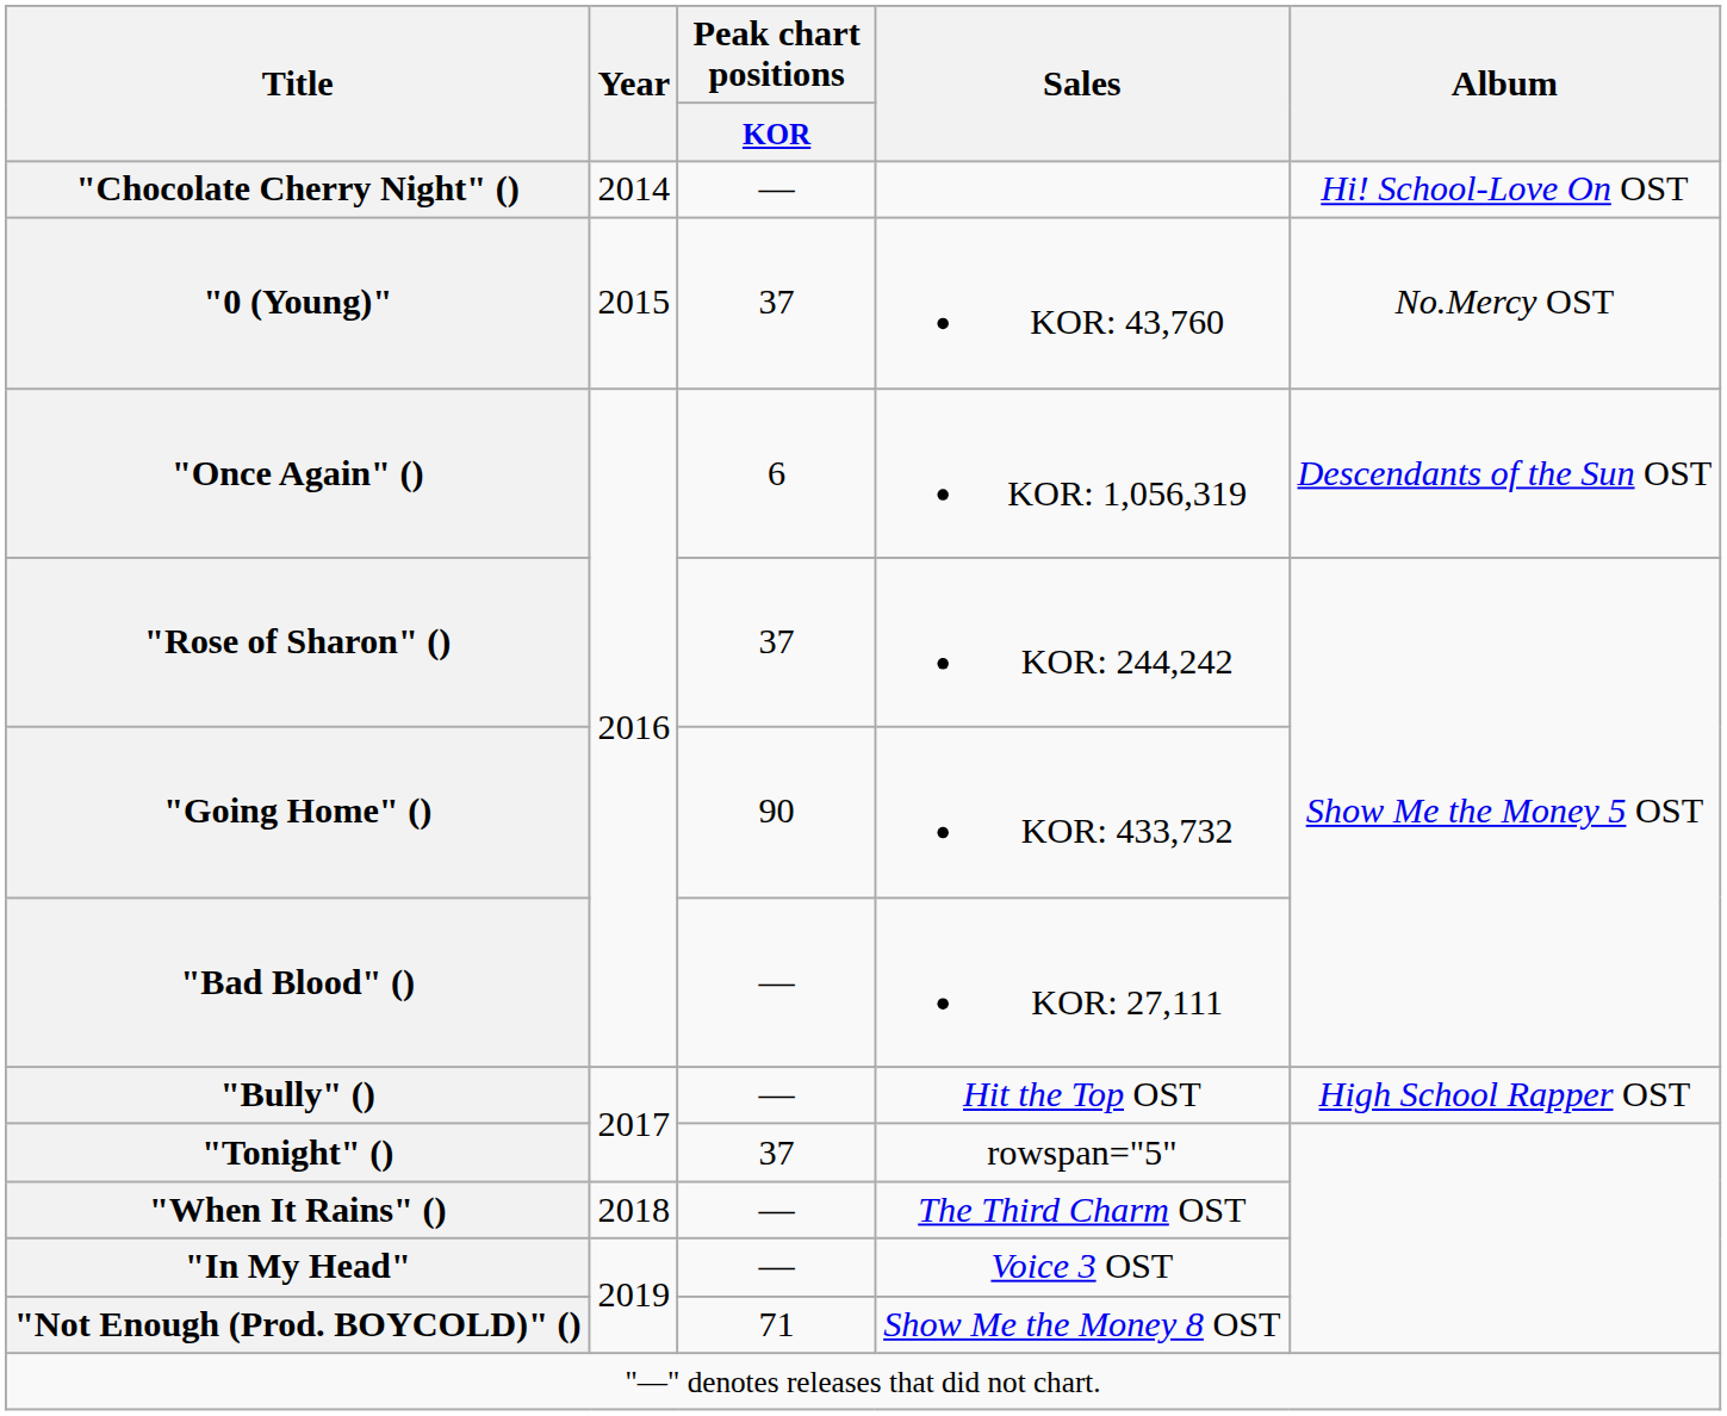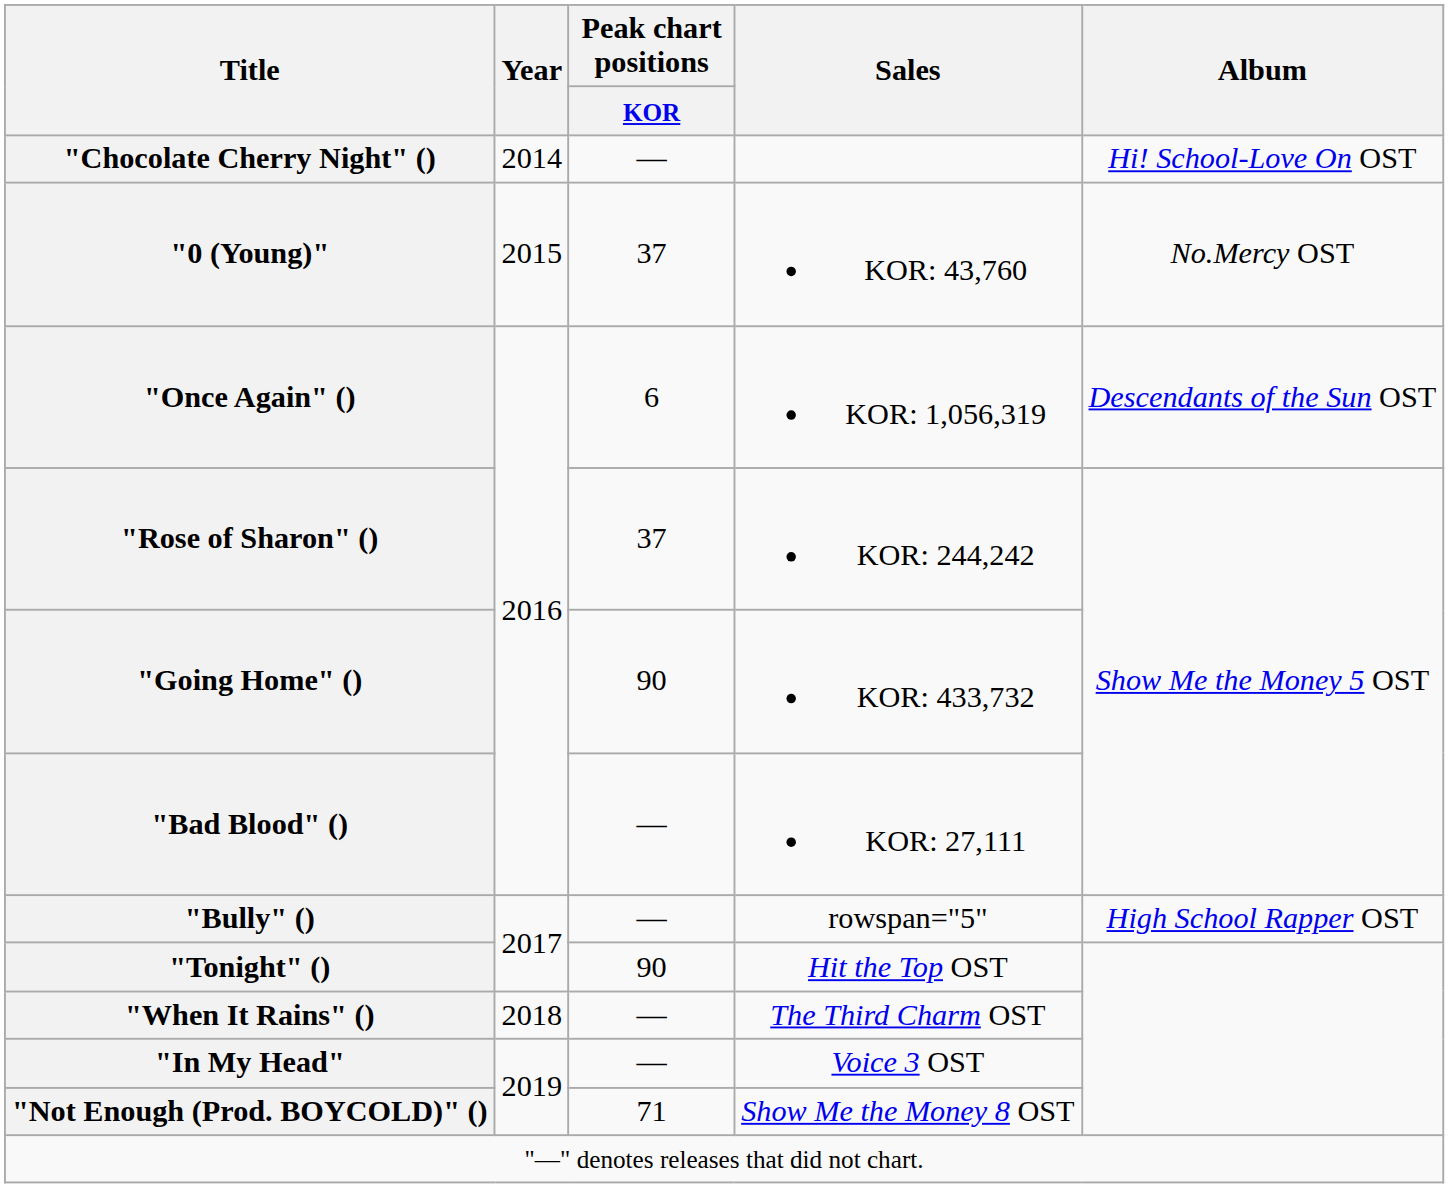 <table class="wikitable plainrowheaders" style="text-align:center">
 <tr>
 <th scope="col" rowspan="2">Title</th>
 <th scope="col" rowspan="2">Year</th>
 <th scope="col" colspan="1" style="width:5em;">Peak chart positions</th>
 <th scope="col" rowspan="2">Sales</th>
 <th scope="col" rowspan="2">Album</th>
 </tr>
 <tr>
 <th><small><a href='#'>KOR</a></small><br></th>
 </tr>
 <tr>
 <th scope="row">"Chocolate Cherry Night" ()<br></th>
 <td>2014</td>
 <td>—</td>
 <td></td>
 <td><em><a href='#'>Hi! School-Love On</a></em> OST</td>
 </tr>
 <tr>
 <th scope="row">"0 (Young)"<br></th>
 <td>2015</td>
 <td>37</td>
 <td><br><ul><li>KOR: 43,760</li></ul></td>
 <td><em>No.Mercy</em> OST</td>
 </tr>
 <tr>
 <th scope="row">"Once Again" ()<br></th>
 <td rowspan="4">2016</td>
 <td>6</td>
 <td><br><ul><li>KOR: 1,056,319</li></ul></td>
 <td><em><a href='#'>Descendants of the Sun</a></em> OST</td>
 </tr>
 <tr>
 <th scope="row">"Rose of Sharon" ()<br></th>
 <td>37</td>
 <td><br><ul><li>KOR: 244,242</li></ul></td>
 <td rowspan="3"><em><a href='#'>Show Me the Money 5</a></em> OST</td>
 </tr>
 <tr>
 <th scope="row">"Going Home" ()<br></th>
 <td>90</td>
 <td><br><ul><li>KOR: 433,732</li></ul></td>
 </tr>
 <tr>
 <th scope="row">"Bad Blood" ()</th>
 <td>—</td>
 <td><br><ul><li>KOR: 27,111</li></ul></td>
 </tr>
 <tr>
 <th scope="row">"Bully" ()<br></th>
 <td rowspan="2">2017</td>
 <td>—</td>
-<td><em><a href='#'>Hit the Top</a></em> OST</td>
+<td>rowspan="5" </td>
 <td><em><a href='#'>High School Rapper</a></em> OST</td>
 </tr>
 <tr>
 <th scope="row">"Tonight" ()<br></th>
-<td>37</td>
-<td>rowspan="5" </td>
+<td>90</td>
+<td><em><a href='#'>Hit the Top</a></em> OST</td>
 </tr>
 <tr>
 <th scope="row">"When It Rains" ()<br></th>
 <td>2018</td>
 <td>—</td>
 <td><em><a href='#'>The Third Charm</a></em> OST</td>
 </tr>
 <tr>
 <th scope="row">"In My Head"</th>
 <td rowspan="2">2019</td>
 <td>—</td>
 <td><em><a href='#'>Voice 3</a></em> OST</td>
 </tr>
 <tr>
 <th scope="row">"Not Enough (Prod. BOYCOLD)" ()<br></th>
 <td>71</td>
 <td><em><a href='#'>Show Me the Money 8</a></em> OST</td>
 </tr>
 <tr>
 <td colspan="5" align="center"><small>"—" denotes releases that did not chart.</small></td>
 </tr>
 </table>
